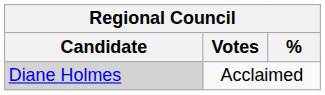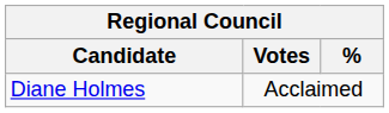 <table class="wikitable">
 <tr>
 <th colspan="3">Regional Council</th>
 </tr>
 <tr>
 <th style="width: 170px">Candidate</th>
 <th style="width: 50px">Votes</th>
 <th style="width: 40px">%</th>
 </tr>
 <tr>
-<td style="background: lightgrey;"><a href='#'>Diane Holmes</a></td>
+<td><a href='#'>Diane Holmes</a></td>
 <td colspan="2" align="center">Acclaimed</td>
 </tr>
 </table>
